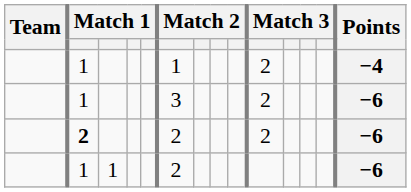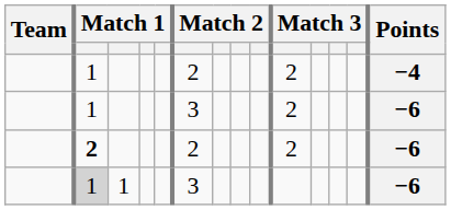 <table class="wikitable sortable" style="text-align:center;">
 <tr>
 <th rowspan=2>Team</th>
 <th colspan=4 style="border-left:3px solid gray">Match 1</th>
 <th colspan=4 style="border-left:3px solid gray">Match 2</th>
 <th colspan=4 style="border-left:3px solid gray">Match 3</th>
 <th rowspan=2 style="border-left:3px solid gray">Points</th>
 </tr>
 <tr>
 <th style="border-left:3px solid gray"></th>
 <th></th>
 <th></th>
 <th></th>
 <th style="border-left:3px solid gray"></th>
 <th></th>
 <th></th>
 <th></th>
 <th style="border-left:3px solid gray"></th>
 <th></th>
 <th></th>
 <th></th>
 </tr>
 <tr>
 <td align=left></td>
 <td style="border-left:3px solid gray">1</td>
 <td></td>
 <td></td>
 <td></td>
-<td style="border-left:3px solid gray">1</td>
+<td style="border-left:3px solid gray">2</td>
 <td></td>
 <td></td>
 <td></td>
 <td style="border-left:3px solid gray">2</td>
 <td></td>
 <td></td>
 <td></td>
 <th style="border-left:3px solid gray">−4</th>
 </tr>
 <tr>
 <td align=left></td>
 <td style="border-left:3px solid gray">1</td>
 <td></td>
 <td></td>
 <td></td>
 <td style="border-left:3px solid gray">3</td>
 <td></td>
 <td></td>
 <td></td>
 <td style="border-left:3px solid gray">2</td>
 <td></td>
 <td></td>
 <td></td>
 <th style="border-left:3px solid gray">−6</th>
 </tr>
 <tr>
 <td align=left></td>
 <td style="border-left:3px solid gray"><strong>2</strong></td>
 <td></td>
 <td></td>
 <td></td>
 <td style="border-left:3px solid gray">2</td>
 <td></td>
 <td></td>
 <td></td>
 <td style="border-left:3px solid gray">2</td>
 <td></td>
 <td></td>
 <td></td>
 <th style="border-left:3px solid gray">−6</th>
 </tr>
 <tr>
 <td align=left></td>
-<td style="border-left:3px solid gray">1</td>
+<td style="background: lightgrey; border-left:3px solid gray">1</td>
 <td>1</td>
 <td></td>
 <td></td>
-<td style="border-left:3px solid gray">2</td>
+<td style="border-left:3px solid gray">3</td>
 <td></td>
 <td></td>
 <td></td>
 <td style="border-left:3px solid gray"></td>
 <td></td>
 <td></td>
 <td></td>
 <th style="border-left:3px solid gray">−6</th>
 </tr>
 </table>
